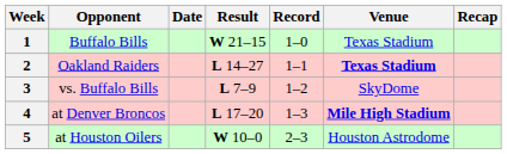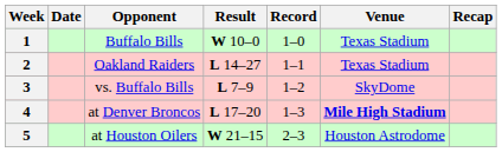 <table class="wikitable" style="text-align:center">
 <tr>
 <th>Week</th>
+<th>Date</th>
 <th>Opponent</th>
-<th>Date</th>
 <th>Result</th>
 <th>Record</th>
 <th>Venue</th>
 <th>Recap</th>
 </tr>
 <tr style="background:#cfc">
 <th>1</th>
+<td></td>
 <td><a href='#'>Buffalo Bills</a></td>
-<td></td>
-<td><strong>W</strong> 21–15</td>
+<td><strong>W</strong> 10–0</td>
 <td>1–0</td>
 <td><a href='#'>Texas Stadium</a></td>
 <td></td>
 </tr>
 <tr style="background:#fcc">
 <th>2</th>
+<td></td>
 <td><a href='#'>Oakland Raiders</a></td>
-<td></td>
 <td><strong>L</strong> 14–27</td>
 <td>1–1</td>
-<td><strong><a href='#'>Texas Stadium</a></strong></td>
+<td><a href='#'>Texas Stadium</a></td>
 <td></td>
 </tr>
 <tr style="background:#fcc">
 <th>3</th>
+<td></td>
 <td>vs. <a href='#'>Buffalo Bills</a></td>
-<td></td>
 <td><strong>L</strong> 7–9</td>
 <td>1–2</td>
 <td><a href='#'>SkyDome</a> </td>
 <td></td>
 </tr>
 <tr style="background:#fcc">
 <th>4</th>
+<td></td>
 <td>at <a href='#'>Denver Broncos</a></td>
-<td></td>
 <td><strong>L</strong> 17–20</td>
 <td>1–3</td>
 <td><strong><a href='#'>Mile High Stadium</a></strong></td>
 <td></td>
 </tr>
 <tr style="background:#cfc">
 <th>5</th>
+<td></td>
 <td>at <a href='#'>Houston Oilers</a></td>
-<td></td>
-<td><strong>W</strong> 10–0</td>
+<td><strong>W</strong> 21–15</td>
 <td>2–3</td>
 <td><a href='#'>Houston Astrodome</a></td>
 <td></td>
 </tr>
 </table>
